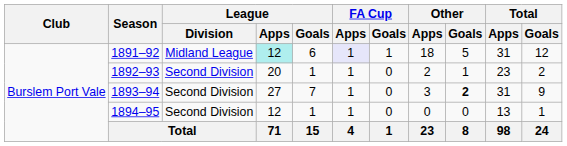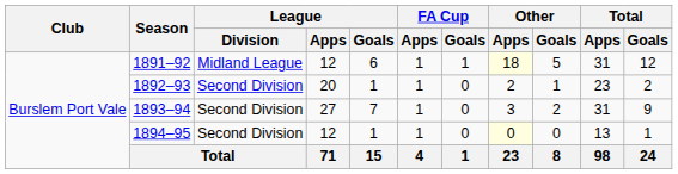 <table class="wikitable" style="text-align:center">
 <tr>
 <th rowspan="2">Club</th>
 <th rowspan="2">Season</th>
 <th colspan="3">League</th>
 <th colspan="2"><a href='#'>FA Cup</a></th>
 <th colspan="2">Other</th>
 <th colspan="2">Total</th>
 </tr>
 <tr>
 <th>Division</th>
 <th>Apps</th>
 <th>Goals</th>
 <th>Apps</th>
 <th>Goals</th>
 <th>Apps</th>
 <th>Goals</th>
 <th>Apps</th>
 <th>Goals</th>
 </tr>
 <tr>
 <td rowspan="5"><a href='#'>Burslem Port Vale</a></td>
 <td><a href='#'>1891–92</a></td>
 <td><a href='#'>Midland League</a></td>
-<td style="background: paleturquoise;">12</td>
+<td>12</td>
 <td>6</td>
-<td style="background: lavender;">1</td>
 <td>1</td>
-<td>18</td>
+<td>1</td>
+<td style="background: lightyellow;">18</td>
 <td>5</td>
 <td>31</td>
 <td>12</td>
 </tr>
 <tr>
 <td><a href='#'>1892–93</a></td>
 <td><a href='#'>Second Division</a></td>
 <td>20</td>
 <td>1</td>
 <td>1</td>
 <td>0</td>
 <td>2</td>
 <td>1</td>
 <td>23</td>
 <td>2</td>
 </tr>
 <tr>
 <td><a href='#'>1893–94</a></td>
 <td>Second Division</td>
 <td>27</td>
 <td>7</td>
 <td>1</td>
 <td>0</td>
 <td>3</td>
-<td><strong>2</strong></td>
+<td>2</td>
 <td>31</td>
 <td>9</td>
 </tr>
 <tr>
 <td><a href='#'>1894–95</a></td>
 <td>Second Division</td>
 <td>12</td>
 <td>1</td>
 <td>1</td>
 <td>0</td>
-<td>0</td>
+<td style="background: lightyellow;">0</td>
 <td>0</td>
 <td>13</td>
 <td>1</td>
 </tr>
 <tr>
 <th colspan="2">Total</th>
 <th>71</th>
 <th>15</th>
 <th>4</th>
 <th>1</th>
 <th>23</th>
 <th>8</th>
 <th>98</th>
 <th>24</th>
 </tr>
 </table>
